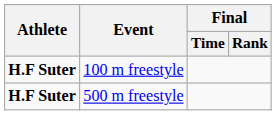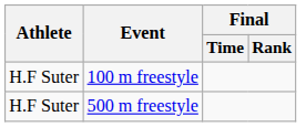 <table class=wikitable style=font-size:90%;text-align:center>
 <tr>
 <th rowspan=2>Athlete</th>
 <th rowspan=2>Event</th>
 <th colspan=2>Final</th>
 </tr>
 <tr style=font-size:95%>
 <th>Time</th>
 <th>Rank</th>
 </tr>
 <tr>
-<td align=left><strong>H.F Suter</strong></td>
+<td align=left>H.F Suter</td>
 <td align=left><a href='#'>100 m freestyle</a></td>
 <td colspan=2></td>
 </tr>
 <tr>
-<td align=left><strong>H.F Suter</strong></td>
+<td align=left>H.F Suter</td>
 <td align=left><a href='#'>500 m freestyle</a></td>
 <td colspan=2></td>
 </tr>
 </table>
